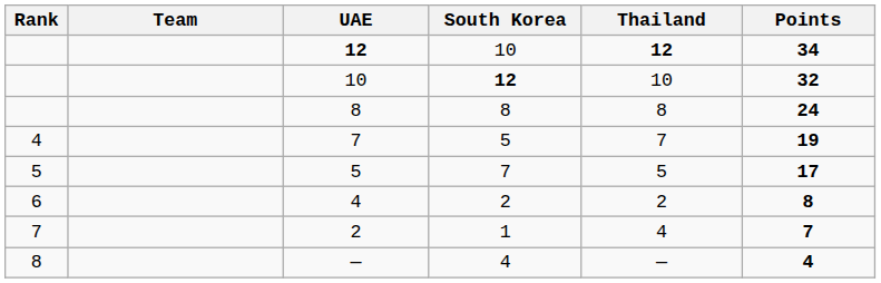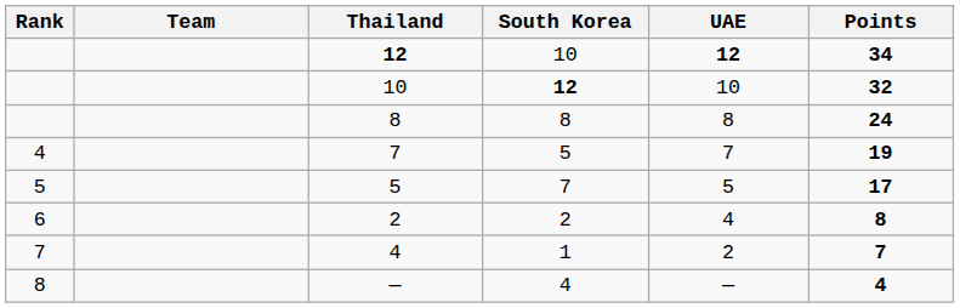 <table class="wikitable" style="text-align: center;">
 <tr>
 <th width="40">Rank</th>
 <th width="180">Team</th>
+<th width="120">Thailand</th>
+<th width="120">South Korea</th>
 <th width="120">UAE</th>
-<th width="120">South Korea</th>
-<th width="120">Thailand</th>
 <th width="100">Points</th>
 </tr>
 <tr>
 <td></td>
 <td align="left"></td>
 <td><strong>12</strong></td>
 <td>10</td>
 <td><strong>12</strong></td>
 <td><strong>34</strong></td>
 </tr>
 <tr>
 <td></td>
 <td align="left"></td>
 <td>10</td>
 <td><strong>12</strong></td>
 <td>10</td>
 <td><strong>32</strong></td>
 </tr>
 <tr>
 <td></td>
 <td align="left"></td>
 <td>8</td>
 <td>8</td>
 <td>8</td>
 <td><strong>24</strong></td>
 </tr>
 <tr>
 <td>4</td>
 <td align="left"></td>
 <td>7</td>
 <td>5</td>
 <td>7</td>
 <td><strong>19</strong></td>
 </tr>
 <tr>
 <td>5</td>
 <td align="left"></td>
 <td>5</td>
 <td>7</td>
 <td>5</td>
 <td><strong>17</strong></td>
 </tr>
 <tr>
 <td>6</td>
 <td align="left"></td>
-<td>4</td>
 <td>2</td>
 <td>2</td>
+<td>4</td>
 <td><strong>8</strong></td>
 </tr>
 <tr>
 <td>7</td>
 <td align="left"></td>
+<td>4</td>
+<td>1</td>
 <td>2</td>
-<td>1</td>
-<td>4</td>
 <td><strong>7</strong></td>
 </tr>
 <tr>
 <td>8</td>
 <td align="left"></td>
 <td>—</td>
 <td>4</td>
 <td>—</td>
 <td><strong>4</strong></td>
 </tr>
 </table>
